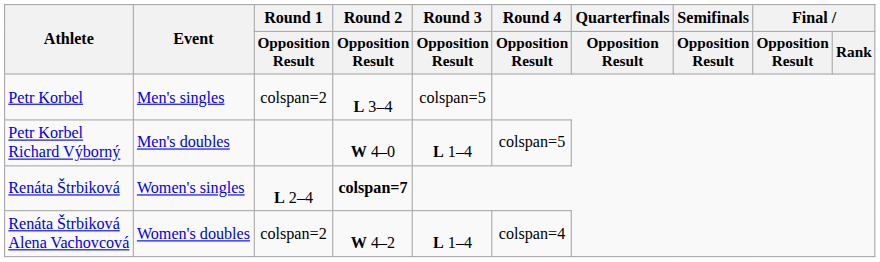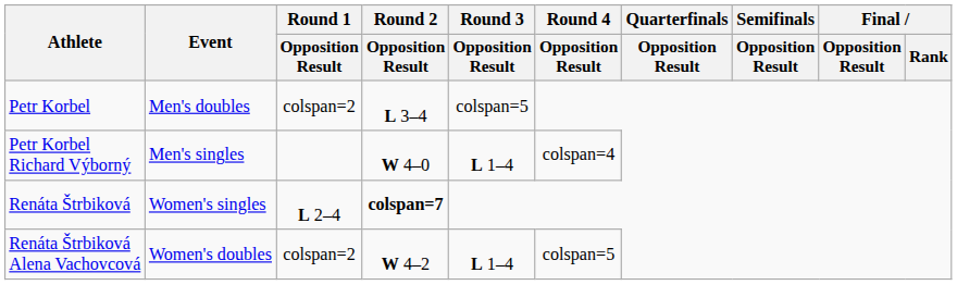 <table class="wikitable" style="font-size:90%">
 <tr>
 <th rowspan="2">Athlete</th>
 <th rowspan="2">Event</th>
 <th>Round 1</th>
 <th>Round 2</th>
 <th>Round 3</th>
 <th>Round 4</th>
 <th>Quarterfinals</th>
 <th>Semifinals</th>
 <th colspan=2>Final / </th>
 </tr>
 <tr style="font-size:95%">
 <th>Opposition<br>Result</th>
 <th>Opposition<br>Result</th>
 <th>Opposition<br>Result</th>
 <th>Opposition<br>Result</th>
 <th>Opposition<br>Result</th>
 <th>Opposition<br>Result</th>
 <th>Opposition<br>Result</th>
 <th>Rank</th>
 </tr>
 <tr align=center>
 <td align=left><a href='#'>Petr Korbel</a></td>
-<td align=left><a href='#'>Men's singles</a></td>
+<td align=left><a href='#'>Men's doubles</a></td>
 <td>colspan=2 </td>
 <td><br><strong>L</strong> 3–4</td>
 <td>colspan=5 </td>
 </tr>
 <tr align=center>
 <td align=left><a href='#'>Petr Korbel</a><br><a href='#'>Richard Výborný</a></td>
-<td align=left><a href='#'>Men's doubles</a></td>
+<td align=left><a href='#'>Men's singles</a></td>
 <td></td>
 <td><br><strong>W</strong> 4–0</td>
 <td><br><strong>L</strong> 1–4</td>
-<td>colspan=5 </td>
+<td>colspan=4 </td>
 </tr>
 <tr align=center>
 <td align=left><a href='#'>Renáta Štrbiková</a></td>
 <td align=left><a href='#'>Women's singles</a></td>
 <td><br><strong>L</strong> 2–4</td>
 <td><strong>colspan=7 </strong></td>
 </tr>
 <tr align=center>
 <td align=left><a href='#'>Renáta Štrbiková</a><br><a href='#'>Alena Vachovcová</a></td>
 <td align=left><a href='#'>Women's doubles</a></td>
 <td>colspan=2 </td>
 <td><br><strong>W</strong> 4–2</td>
 <td><br><strong>L</strong> 1–4</td>
-<td>colspan=4 </td>
+<td>colspan=5 </td>
 </tr>
 </table>
